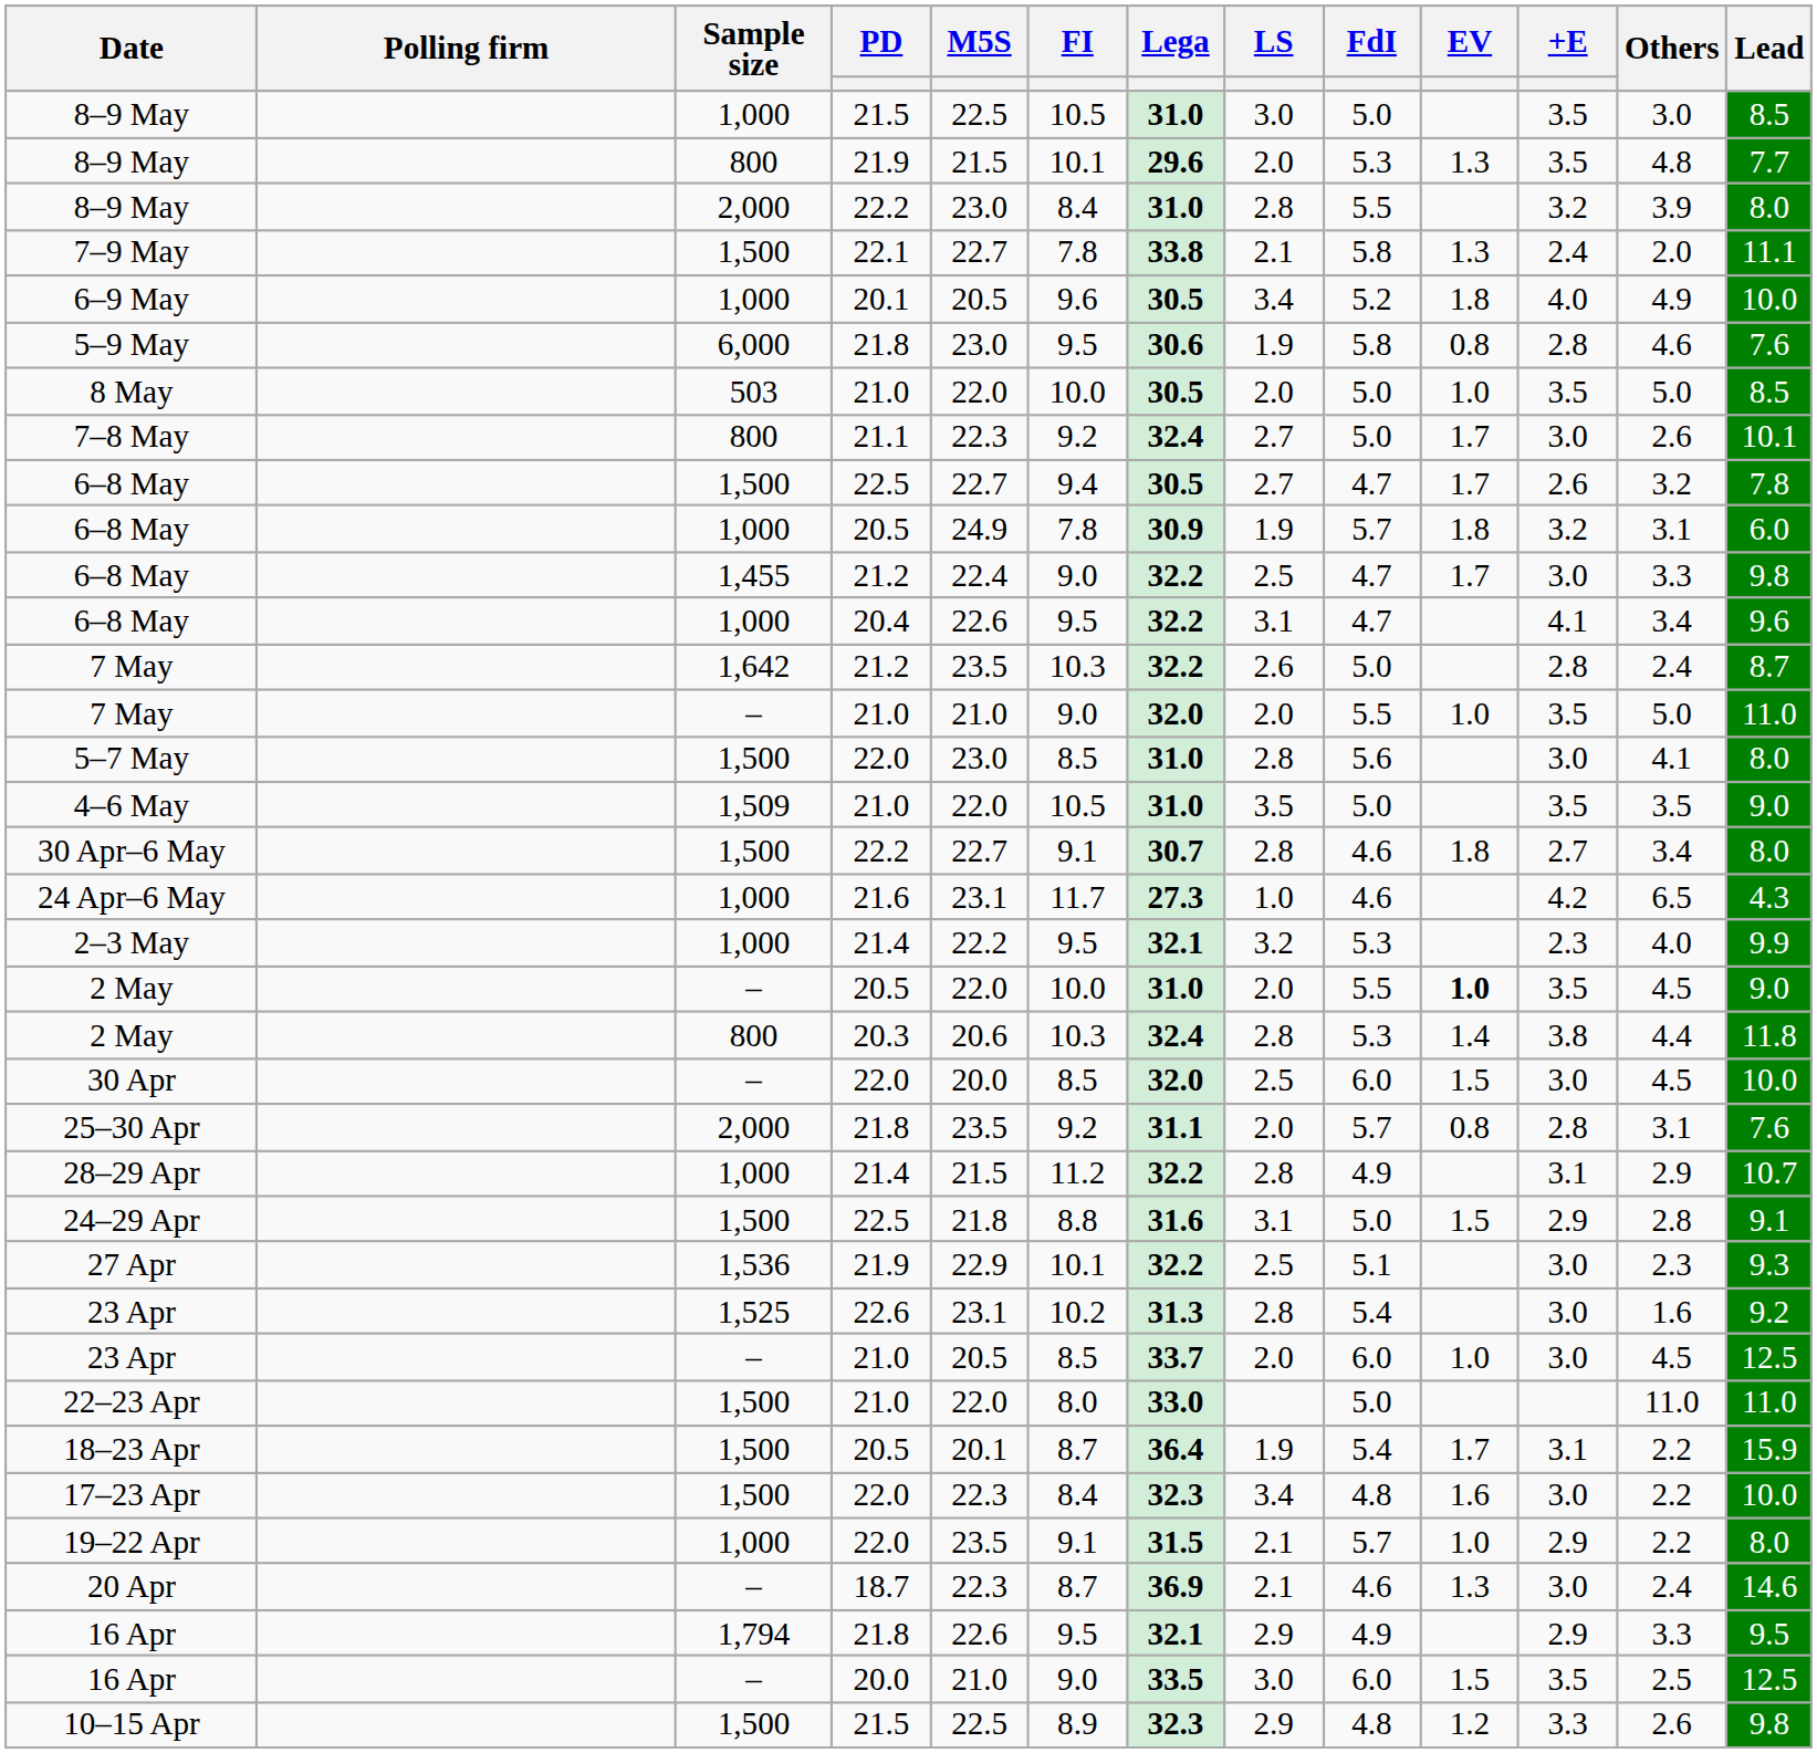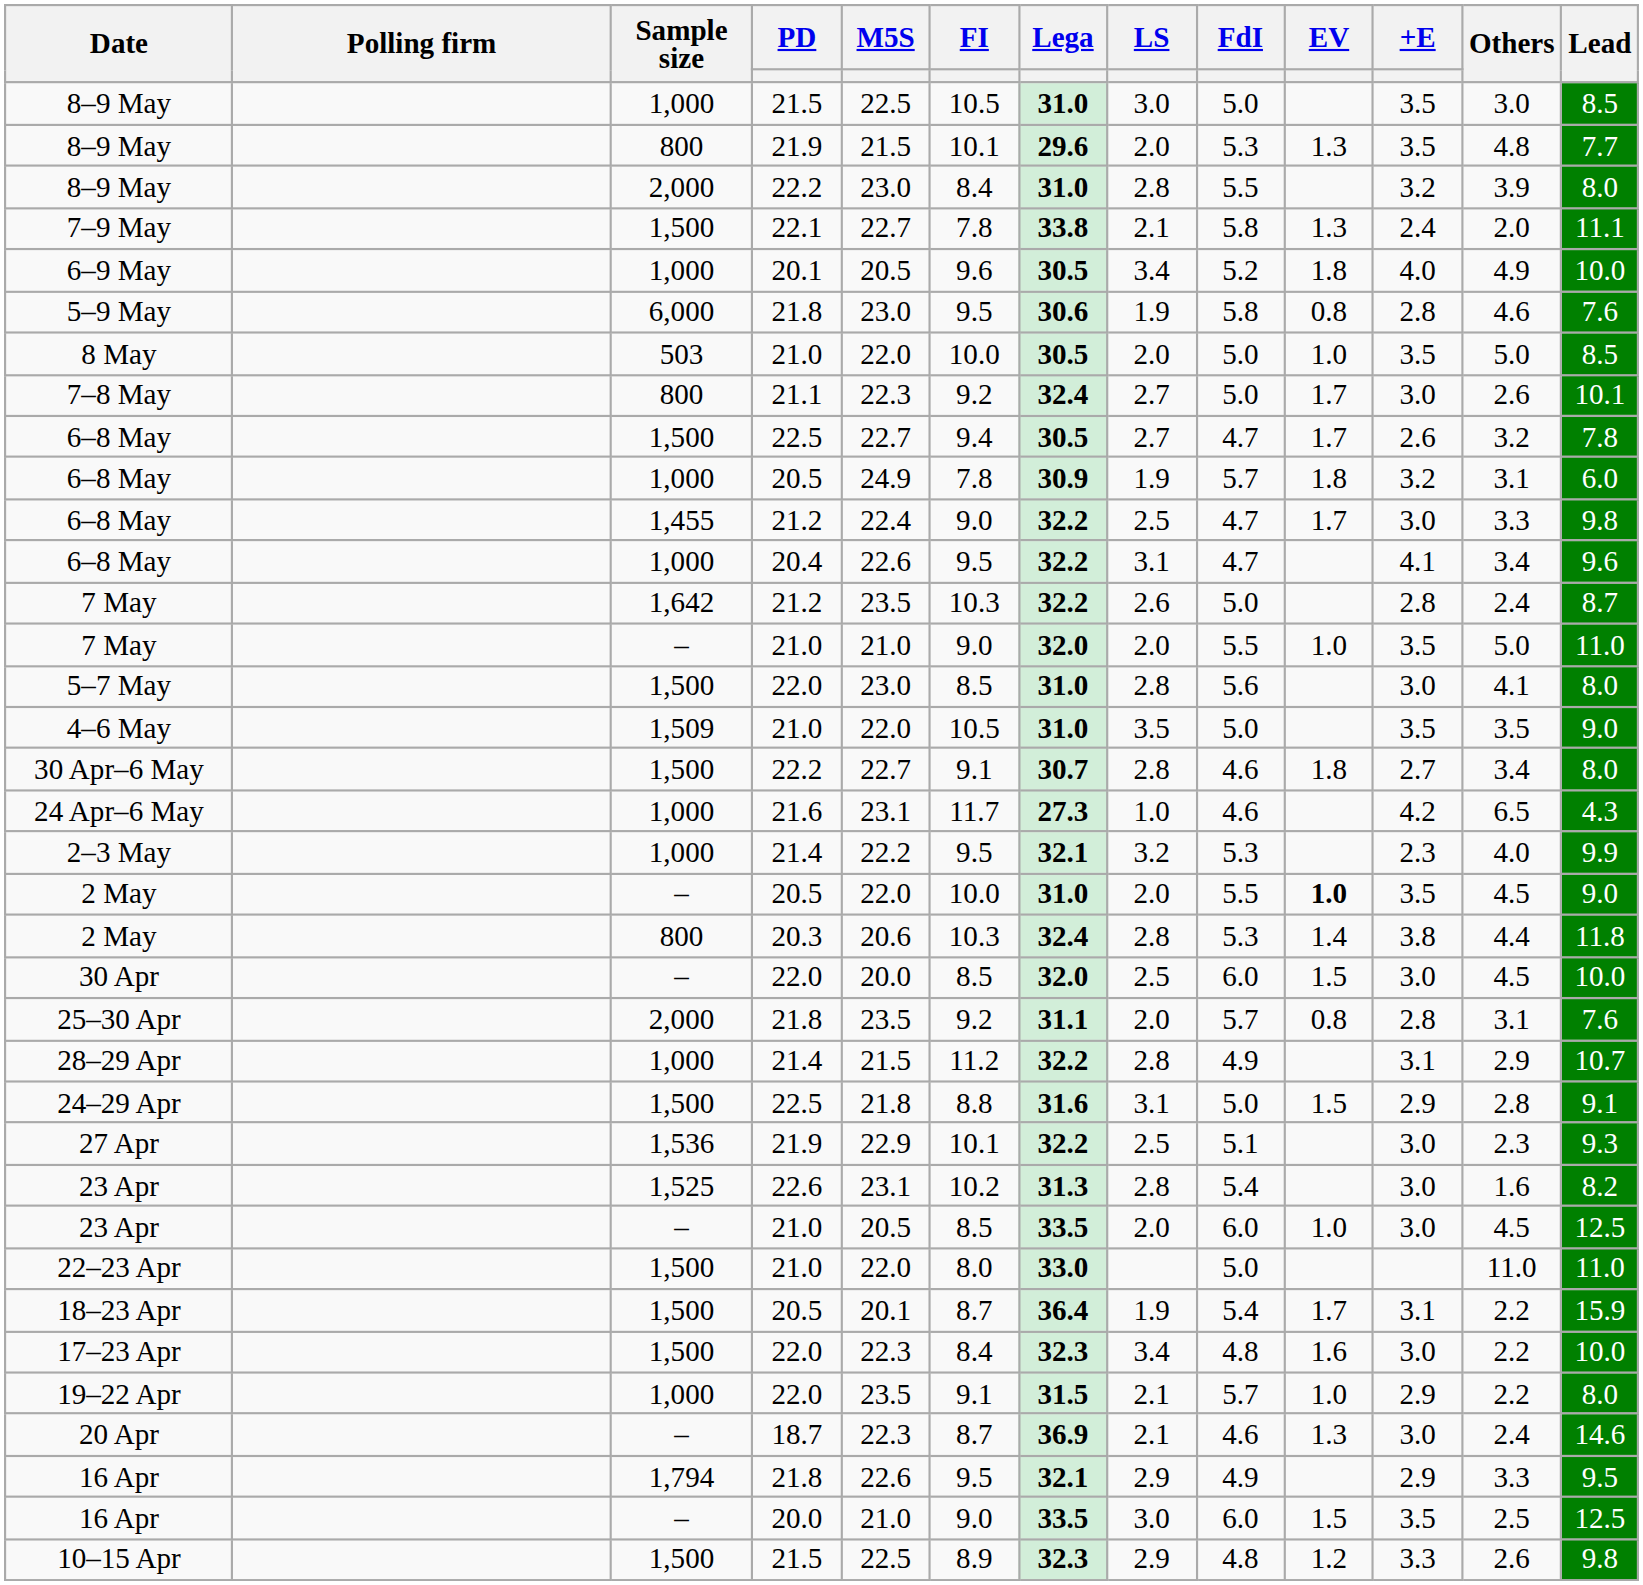 <table class="wikitable collapsible" style="text-align:center;font-size:85%;line-height:13px">
 <tr style="height:30px; background-color:#E9E9E9">
 <th rowspan="2" style="width:100px;">Date</th>
 <th rowspan="2" style="width:170px;">Polling firm</th>
 <th rowspan="2" style="width:60px;">Sample size</th>
 <th style="width:35px;"><a href='#'>PD</a></th>
 <th style="width:35px;"><a href='#'>M5S</a></th>
 <th style="width:35px;"><a href='#'>FI</a></th>
 <th style="width:35px;"><a href='#'>Lega</a></th>
 <th style="width:35px;"><a href='#'>LS</a></th>
 <th style="width:35px;"><a href='#'>FdI</a></th>
 <th style="width:35px;"><a href='#'>EV</a></th>
 <th style="width:35px;"><a href='#'>+E</a></th>
 <th style="width:35px;" rowspan="2">Others</th>
 <th style="width:25px;" rowspan="2">Lead</th>
 </tr>
 <tr>
 <th style="background:"></th>
 <th style="background:"></th>
 <th style="background:"></th>
 <th style="background:"></th>
 <th style="background:"></th>
 <th style="background:"></th>
 <th style="background:"></th>
 <th style="background:"></th>
 </tr>
 <tr>
 <td>8–9 May</td>
 <td></td>
 <td>1,000</td>
 <td>21.5</td>
 <td>22.5</td>
 <td>10.5</td>
 <td style="background:#D2EED9;"><strong>31.0</strong></td>
 <td>3.0</td>
 <td>5.0</td>
 <td></td>
 <td>3.5</td>
 <td>3.0</td>
 <td style="background:#008000; color:white;">8.5</td>
 </tr>
 <tr>
 <td>8–9 May</td>
 <td></td>
 <td>800</td>
 <td>21.9</td>
 <td>21.5</td>
 <td>10.1</td>
 <td style="background:#D2EED9;"><strong>29.6</strong></td>
 <td>2.0</td>
 <td>5.3</td>
 <td>1.3</td>
 <td>3.5</td>
 <td>4.8</td>
 <td style="background:#008000; color:white;">7.7</td>
 </tr>
 <tr>
 <td>8–9 May</td>
 <td></td>
 <td>2,000</td>
 <td>22.2</td>
 <td>23.0</td>
 <td>8.4</td>
 <td style="background:#D2EED9;"><strong>31.0</strong></td>
 <td>2.8</td>
 <td>5.5</td>
 <td></td>
 <td>3.2</td>
 <td>3.9</td>
 <td style="background:#008000; color:white;">8.0</td>
 </tr>
 <tr>
 <td>7–9 May</td>
 <td></td>
 <td>1,500</td>
 <td>22.1</td>
 <td>22.7</td>
 <td>7.8</td>
 <td style="background:#D2EED9;"><strong>33.8</strong></td>
 <td>2.1</td>
 <td>5.8</td>
 <td>1.3</td>
 <td>2.4</td>
 <td>2.0</td>
 <td style="background:#008000; color:white;">11.1</td>
 </tr>
 <tr>
 <td>6–9 May</td>
 <td></td>
 <td>1,000</td>
 <td>20.1</td>
 <td>20.5</td>
 <td>9.6</td>
 <td style="background:#D2EED9;"><strong>30.5</strong></td>
 <td>3.4</td>
 <td>5.2</td>
 <td>1.8</td>
 <td>4.0</td>
 <td>4.9</td>
 <td style="background:#008000; color:white;">10.0</td>
 </tr>
 <tr>
 <td>5–9 May</td>
 <td></td>
 <td>6,000</td>
 <td>21.8</td>
 <td>23.0</td>
 <td>9.5</td>
 <td style="background:#D2EED9;"><strong>30.6</strong></td>
 <td>1.9</td>
 <td>5.8</td>
 <td>0.8</td>
 <td>2.8</td>
 <td>4.6</td>
 <td style="background:#008000; color:white;">7.6</td>
 </tr>
 <tr>
 <td>8 May</td>
 <td></td>
 <td>503</td>
 <td>21.0</td>
 <td>22.0</td>
 <td>10.0</td>
 <td style="background:#D2EED9;"><strong>30.5</strong></td>
 <td>2.0</td>
 <td>5.0</td>
 <td>1.0</td>
 <td>3.5</td>
 <td>5.0</td>
 <td style="background:#008000; color:white;">8.5</td>
 </tr>
 <tr>
 <td>7–8 May</td>
 <td></td>
 <td>800</td>
 <td>21.1</td>
 <td>22.3</td>
 <td>9.2</td>
 <td style="background:#D2EED9;"><strong>32.4</strong></td>
 <td>2.7</td>
 <td>5.0</td>
 <td>1.7</td>
 <td>3.0</td>
 <td>2.6</td>
 <td style="background:#008000; color:white;">10.1</td>
 </tr>
 <tr>
 <td>6–8 May</td>
 <td></td>
 <td>1,500</td>
 <td>22.5</td>
 <td>22.7</td>
 <td>9.4</td>
 <td style="background:#D2EED9;"><strong>30.5</strong></td>
 <td>2.7</td>
 <td>4.7</td>
 <td>1.7</td>
 <td>2.6</td>
 <td>3.2</td>
 <td style="background:#008000; color:white;">7.8</td>
 </tr>
 <tr>
 <td>6–8 May</td>
 <td></td>
 <td>1,000</td>
 <td>20.5</td>
 <td>24.9</td>
 <td>7.8</td>
 <td style="background:#D2EED9;"><strong>30.9</strong></td>
 <td>1.9</td>
 <td>5.7</td>
 <td>1.8</td>
 <td>3.2</td>
 <td>3.1</td>
 <td style="background:#008000; color:white;">6.0</td>
 </tr>
 <tr>
 <td>6–8 May</td>
 <td></td>
 <td>1,455</td>
 <td>21.2</td>
 <td>22.4</td>
 <td>9.0</td>
 <td style="background:#D2EED9;"><strong>32.2</strong></td>
 <td>2.5</td>
 <td>4.7</td>
 <td>1.7</td>
 <td>3.0</td>
 <td>3.3</td>
 <td style="background:#008000; color:white;">9.8</td>
 </tr>
 <tr>
 <td>6–8 May</td>
 <td></td>
 <td>1,000</td>
 <td>20.4</td>
 <td>22.6</td>
 <td>9.5</td>
 <td style="background:#D2EED9;"><strong>32.2</strong></td>
 <td>3.1</td>
 <td>4.7</td>
 <td></td>
 <td>4.1</td>
 <td>3.4</td>
 <td style="background:#008000; color:white;">9.6</td>
 </tr>
 <tr>
 <td>7 May</td>
 <td></td>
 <td>1,642</td>
 <td>21.2</td>
 <td>23.5</td>
 <td>10.3</td>
 <td style="background:#D2EED9;"><strong>32.2</strong></td>
 <td>2.6</td>
 <td>5.0</td>
 <td></td>
 <td>2.8</td>
 <td>2.4</td>
 <td style="background:#008000; color:white;">8.7</td>
 </tr>
 <tr>
 <td>7 May</td>
 <td></td>
 <td>–</td>
 <td>21.0</td>
 <td>21.0</td>
 <td>9.0</td>
 <td style="background:#D2EED9;"><strong>32.0</strong></td>
 <td>2.0</td>
 <td>5.5</td>
 <td>1.0</td>
 <td>3.5</td>
 <td>5.0</td>
 <td style="background:#008000; color:white;">11.0</td>
 </tr>
 <tr>
 <td>5–7 May</td>
 <td></td>
 <td>1,500</td>
 <td>22.0</td>
 <td>23.0</td>
 <td>8.5</td>
 <td style="background:#D2EED9;"><strong>31.0</strong></td>
 <td>2.8</td>
 <td>5.6</td>
 <td></td>
 <td>3.0</td>
 <td>4.1</td>
 <td style="background:#008000; color:white;">8.0</td>
 </tr>
 <tr>
 <td>4–6 May</td>
 <td></td>
 <td>1,509</td>
 <td>21.0</td>
 <td>22.0</td>
 <td>10.5</td>
 <td style="background:#D2EED9;"><strong>31.0</strong></td>
 <td>3.5</td>
 <td>5.0</td>
 <td></td>
 <td>3.5</td>
 <td>3.5</td>
 <td style="background:#008000; color:white;">9.0</td>
 </tr>
 <tr>
 <td>30 Apr–6 May</td>
 <td></td>
 <td>1,500</td>
 <td>22.2</td>
 <td>22.7</td>
 <td>9.1</td>
 <td style="background:#D2EED9;"><strong>30.7</strong></td>
 <td>2.8</td>
 <td>4.6</td>
 <td>1.8</td>
 <td>2.7</td>
 <td>3.4</td>
 <td style="background:#008000; color:white;">8.0</td>
 </tr>
 <tr>
 <td>24 Apr–6 May</td>
 <td></td>
 <td>1,000</td>
 <td>21.6</td>
 <td>23.1</td>
 <td>11.7</td>
 <td style="background:#D2EED9;"><strong>27.3</strong></td>
 <td>1.0</td>
 <td>4.6</td>
 <td></td>
 <td>4.2</td>
 <td>6.5</td>
 <td style="background:#008000; color:white;">4.3</td>
 </tr>
 <tr>
 <td>2–3 May</td>
 <td></td>
 <td>1,000</td>
 <td>21.4</td>
 <td>22.2</td>
 <td>9.5</td>
 <td style="background:#D2EED9;"><strong>32.1</strong></td>
 <td>3.2</td>
 <td>5.3</td>
 <td></td>
 <td>2.3</td>
 <td>4.0</td>
 <td style="background:#008000; color:white;">9.9</td>
 </tr>
 <tr>
 <td>2 May</td>
 <td></td>
 <td>–</td>
 <td>20.5</td>
 <td>22.0</td>
 <td>10.0</td>
 <td style="background:#D2EED9;"><strong>31.0</strong></td>
 <td>2.0</td>
 <td>5.5</td>
 <td><strong>1.0</strong></td>
 <td>3.5</td>
 <td>4.5</td>
 <td style="background:#008000; color:white;">9.0</td>
 </tr>
 <tr>
 <td>2 May</td>
 <td></td>
 <td>800</td>
 <td>20.3</td>
 <td>20.6</td>
 <td>10.3</td>
 <td style="background:#D2EED9;"><strong>32.4</strong></td>
 <td>2.8</td>
 <td>5.3</td>
 <td>1.4</td>
 <td>3.8</td>
 <td>4.4</td>
 <td style="background:#008000; color:white;">11.8</td>
 </tr>
 <tr>
 <td>30 Apr</td>
 <td></td>
 <td>–</td>
 <td>22.0</td>
 <td>20.0</td>
 <td>8.5</td>
 <td style="background:#D2EED9;"><strong>32.0</strong></td>
 <td>2.5</td>
 <td>6.0</td>
 <td>1.5</td>
 <td>3.0</td>
 <td>4.5</td>
 <td style="background:#008000; color:white;">10.0</td>
 </tr>
 <tr>
 <td>25–30 Apr</td>
 <td></td>
 <td>2,000</td>
 <td>21.8</td>
 <td>23.5</td>
 <td>9.2</td>
 <td style="background:#D2EED9;"><strong>31.1</strong></td>
 <td>2.0</td>
 <td>5.7</td>
 <td>0.8</td>
 <td>2.8</td>
 <td>3.1</td>
 <td style="background:#008000; color:white;">7.6</td>
 </tr>
 <tr>
 <td>28–29 Apr</td>
 <td></td>
 <td>1,000</td>
 <td>21.4</td>
 <td>21.5</td>
 <td>11.2</td>
 <td style="background:#D2EED9;"><strong>32.2</strong></td>
 <td>2.8</td>
 <td>4.9</td>
 <td></td>
 <td>3.1</td>
 <td>2.9</td>
 <td style="background:#008000; color:white;">10.7</td>
 </tr>
 <tr>
 <td>24–29 Apr</td>
 <td></td>
 <td>1,500</td>
 <td>22.5</td>
 <td>21.8</td>
 <td>8.8</td>
 <td style="background:#D2EED9;"><strong>31.6</strong></td>
 <td>3.1</td>
 <td>5.0</td>
 <td>1.5</td>
 <td>2.9</td>
 <td>2.8</td>
 <td style="background:#008000; color:white;">9.1</td>
 </tr>
 <tr>
 <td>27 Apr</td>
 <td></td>
 <td>1,536</td>
 <td>21.9</td>
 <td>22.9</td>
 <td>10.1</td>
 <td style="background:#D2EED9;"><strong>32.2</strong></td>
 <td>2.5</td>
 <td>5.1</td>
 <td></td>
 <td>3.0</td>
 <td>2.3</td>
 <td style="background:#008000; color:white;">9.3</td>
 </tr>
 <tr>
 <td>23 Apr</td>
 <td></td>
 <td>1,525</td>
 <td>22.6</td>
 <td>23.1</td>
 <td>10.2</td>
 <td style="background:#D2EED9;"><strong>31.3</strong></td>
 <td>2.8</td>
 <td>5.4</td>
 <td></td>
 <td>3.0</td>
 <td>1.6</td>
-<td style="background:#008000; color:white;">9.2</td>
+<td style="background:#008000; color:white;">8.2</td>
 </tr>
 <tr>
 <td>23 Apr</td>
 <td></td>
 <td>–</td>
 <td>21.0</td>
 <td>20.5</td>
 <td>8.5</td>
-<td style="background:#D2EED9;"><strong>33.7</strong></td>
+<td style="background:#D2EED9;"><strong>33.5</strong></td>
 <td>2.0</td>
 <td>6.0</td>
 <td>1.0</td>
 <td>3.0</td>
 <td>4.5</td>
 <td style="background:#008000; color:white;">12.5</td>
 </tr>
 <tr>
 <td>22–23 Apr</td>
 <td></td>
 <td>1,500</td>
 <td>21.0</td>
 <td>22.0</td>
 <td>8.0</td>
 <td style="background:#D2EED9;"><strong>33.0</strong></td>
 <td></td>
 <td>5.0</td>
 <td></td>
 <td></td>
 <td>11.0</td>
 <td style="background:#008000; color:white;">11.0</td>
 </tr>
 <tr>
 <td>18–23 Apr</td>
 <td></td>
 <td>1,500</td>
 <td>20.5</td>
 <td>20.1</td>
 <td>8.7</td>
 <td style="background:#D2EED9;"><strong>36.4</strong></td>
 <td>1.9</td>
 <td>5.4</td>
 <td>1.7</td>
 <td>3.1</td>
 <td>2.2</td>
 <td style="background:#008000; color:white;">15.9</td>
 </tr>
 <tr>
 <td>17–23 Apr</td>
 <td></td>
 <td>1,500</td>
 <td>22.0</td>
 <td>22.3</td>
 <td>8.4</td>
 <td style="background:#D2EED9;"><strong>32.3</strong></td>
 <td>3.4</td>
 <td>4.8</td>
 <td>1.6</td>
 <td>3.0</td>
 <td>2.2</td>
 <td style="background:#008000; color:white;">10.0</td>
 </tr>
 <tr>
 <td>19–22 Apr</td>
 <td></td>
 <td>1,000</td>
 <td>22.0</td>
 <td>23.5</td>
 <td>9.1</td>
 <td style="background:#D2EED9;"><strong>31.5</strong></td>
 <td>2.1</td>
 <td>5.7</td>
 <td>1.0</td>
 <td>2.9</td>
 <td>2.2</td>
 <td style="background:#008000; color:white;">8.0</td>
 </tr>
 <tr>
 <td>20 Apr</td>
 <td></td>
 <td>–</td>
 <td>18.7</td>
 <td>22.3</td>
 <td>8.7</td>
 <td style="background:#D2EED9;"><strong>36.9</strong></td>
 <td>2.1</td>
 <td>4.6</td>
 <td>1.3</td>
 <td>3.0</td>
 <td>2.4</td>
 <td style="background:#008000; color:white;">14.6</td>
 </tr>
 <tr>
 <td>16 Apr</td>
 <td></td>
 <td>1,794</td>
 <td>21.8</td>
 <td>22.6</td>
 <td>9.5</td>
 <td style="background:#D2EED9;"><strong>32.1</strong></td>
 <td>2.9</td>
 <td>4.9</td>
 <td></td>
 <td>2.9</td>
 <td>3.3</td>
 <td style="background:#008000; color:white;">9.5</td>
 </tr>
 <tr>
 <td>16 Apr</td>
 <td></td>
 <td>–</td>
 <td>20.0</td>
 <td>21.0</td>
 <td>9.0</td>
 <td style="background:#D2EED9;"><strong>33.5</strong></td>
 <td>3.0</td>
 <td>6.0</td>
 <td>1.5</td>
 <td>3.5</td>
 <td>2.5</td>
 <td style="background:#008000; color:white;">12.5</td>
 </tr>
 <tr>
 <td>10–15 Apr</td>
 <td></td>
 <td>1,500</td>
 <td>21.5</td>
 <td>22.5</td>
 <td>8.9</td>
 <td style="background:#D2EED9;"><strong>32.3</strong></td>
 <td>2.9</td>
 <td>4.8</td>
 <td>1.2</td>
 <td>3.3</td>
 <td>2.6</td>
 <td style="background:#008000; color:white;">9.8</td>
 </tr>
 </table>
